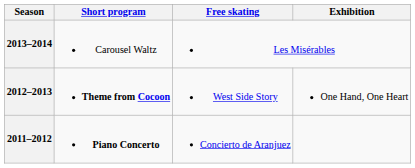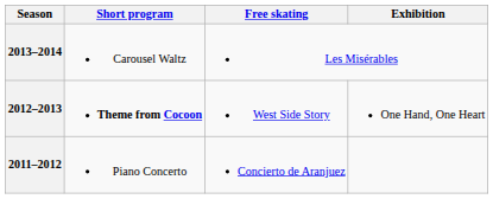 <table class=wikitable style=text-align:center>
 <tr>
 <th>Season</th>
 <th><a href='#'>Short program</a></th>
 <th><a href='#'>Free skating</a></th>
 <th>Exhibition</th>
 </tr>
 <tr>
 <th>2013–2014 <br> </th>
 <td><br><ul><li>Carousel Waltz <br></li></ul></td>
 <td colspan=2><br><ul><li><a href='#'>Les Misérables</a> <br></li></ul></td>
 </tr>
 <tr>
 <th>2012–2013 <br> </th>
 <td><strong><br><ul><li>Theme from <a href='#'>Cocoon</a> <br></li></ul></strong></td>
 <td><br><ul><li><a href='#'>West Side Story</a> <br></li></ul></td>
 <td><br><ul><li>One Hand, One Heart <br></li></ul></td>
 </tr>
 <tr>
 <th>2011–2012 <br> </th>
-<td><strong><br><ul><li>Piano Concerto <br></li></ul></strong></td>
+<td><br><ul><li>Piano Concerto <br></li></ul></td>
 <td><br><ul><li><a href='#'>Concierto de Aranjuez</a> <br></li></ul></td>
 <td></td>
 </tr>
 </table>
